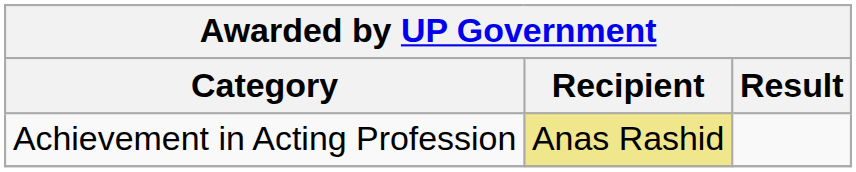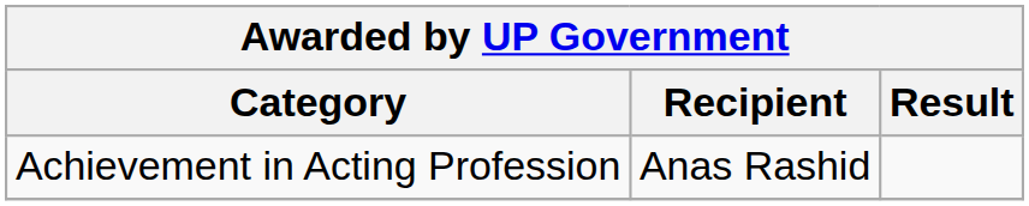 <table class="wikitable">
 <tr>
 <th colspan="3">Awarded by <a href='#'>UP Government</a></th>
 </tr>
 <tr>
 <th>Category</th>
 <th>Recipient</th>
 <th>Result</th>
 </tr>
 <tr>
 <td>Achievement in Acting Profession</td>
-<td style="background: khaki;">Anas Rashid</td>
+<td>Anas Rashid</td>
 <td></td>
 </tr>
 <tr>
 </tr>
 </table>
